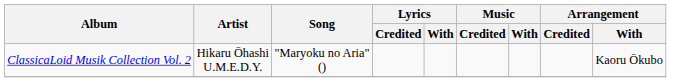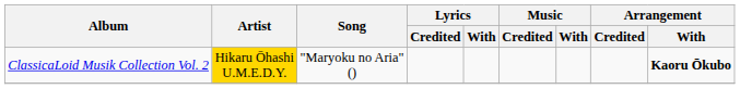 <table class="wikitable">
 <tr>
 <th rowspan="2">Album</th>
 <th rowspan="2">Artist</th>
 <th rowspan="2">Song</th>
 <th colspan="2">Lyrics</th>
 <th colspan="2">Music</th>
 <th colspan="2">Arrangement</th>
 </tr>
 <tr>
 <th>Credited</th>
 <th>With</th>
 <th>Credited</th>
 <th>With</th>
 <th>Credited</th>
 <th>With</th>
 </tr>
 <tr>
 <td align="center"><em><a href='#'>ClassicaLoid Musik Collection Vol. 2</a></em></td>
-<td align="center">Hikaru Ōhashi<br>U.M.E.D.Y.</td>
+<td align="center" style="background: gold;">Hikaru Ōhashi<br>U.M.E.D.Y.</td>
 <td align="center">"Maryoku no Aria"<br>()</td>
 <td></td>
 <td></td>
 <td></td>
 <td></td>
 <td></td>
-<td>Kaoru Ōkubo</td>
+<td><strong>Kaoru Ōkubo</strong></td>
 </tr>
 <tr>
 </tr>
 </table>
